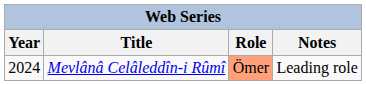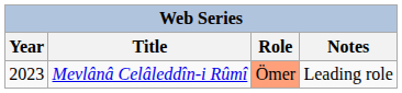 <table class="wikitable">
 <tr>
 <th colspan="4" style="background:LightSteelBlue">Web Series</th>
 </tr>
 <tr>
 <th>Year</th>
 <th>Title</th>
 <th>Role</th>
 <th>Notes</th>
 </tr>
 <tr>
-<td>2024</td>
+<td>2023</td>
 <td><em><a href='#'>Mevlânâ Celâleddîn-i Rûmî</a></em></td>
 <td style="background: lightsalmon;">Ömer</td>
 <td>Leading role</td>
 </tr>
 </table>
